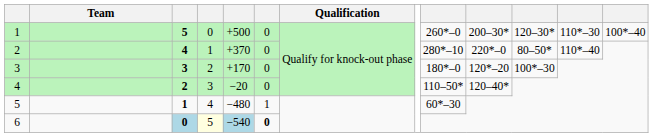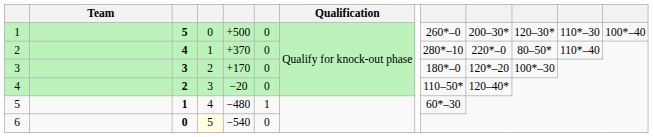 <table class="wikitable" style="text-align:center;">
 <tr>
 <th width="28px"></th>
 <th width="190px">Team</th>
 <th width="28px"></th>
 <th width="28px"></th>
 <th width="36px"></th>
 <th width="28px"></th>
 <th>Qualification</th>
 <th style="background-color:white;border-bottom:white;" rowspan="8"></th>
 <th></th>
 <th></th>
 <th></th>
 <th></th>
 <th></th>
 </tr>
 <tr>
 <td style="background-color:#BBF3BB;">1</td>
 <td style="text-align:left;background-color:#BBF3BB;"></td>
 <td style="background-color:#BBF3BB;"><strong>5</strong></td>
 <td style="background-color:#BBF3BB;">0</td>
 <td style="background-color:#BBF3BB;">+500</td>
 <td style="background-color:#BBF3BB;">0</td>
 <td rowspan="4" style="background-color:#BBF3BB;">Qualify for knock-out phase</td>
 <td>260*–0</td>
 <td>200–30*</td>
 <td>120–30*</td>
 <td>110*–30</td>
 <td>100*–40</td>
 </tr>
 <tr>
 <td style="background-color:#BBF3BB;">2</td>
 <td style="text-align:left;background-color:#BBF3BB;"></td>
 <td style="background-color:#BBF3BB;"><strong>4</strong></td>
 <td style="background-color:#BBF3BB;">1</td>
 <td style="background-color:#BBF3BB;">+370</td>
 <td style="background-color:#BBF3BB;">0</td>
 <td>280*–10</td>
 <td>220*–0</td>
 <td>80–50*</td>
 <td>110*–40</td>
 </tr>
 <tr>
 <td style="background-color:#BBF3BB;">3</td>
 <td style="text-align:left;background-color:#BBF3BB;"></td>
 <td style="background-color:#BBF3BB;"><strong>3</strong></td>
 <td style="background-color:#BBF3BB;">2</td>
 <td style="background-color:#BBF3BB;">+170</td>
 <td style="background-color:#BBF3BB;">0</td>
 <td>180*–0</td>
 <td>120*–20</td>
 <td>100*–30</td>
 </tr>
 <tr>
 <td style="background-color:#BBF3BB;">4</td>
 <td style="text-align:left;background-color:#BBF3BB;"></td>
 <td style="background-color:#BBF3BB;"><strong>2</strong></td>
 <td style="background-color:#BBF3BB;">3</td>
 <td style="background-color:#BBF3BB;">−20</td>
 <td style="background-color:#BBF3BB;">0</td>
 <td>110–50*</td>
 <td>120–40*</td>
 </tr>
 <tr>
 <td>5</td>
 <td style="text-align:left;"></td>
 <td><strong>1</strong></td>
 <td>4</td>
 <td>−480</td>
 <td>1</td>
 <td rowspan="2"></td>
 <td>60*–30</td>
 </tr>
 <tr>
 <td>6</td>
 <td style="text-align:left;"></td>
-<td style="background: lightblue;"><strong>0</strong></td>
+<td><strong>0</strong></td>
 <td style="background: lightyellow;">5</td>
-<td style="background: lightblue;">−540</td>
-<td><strong>0</strong></td>
+<td>−540</td>
+<td>0</td>
 </tr>
 </table>
